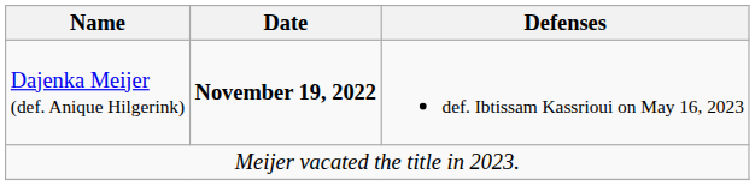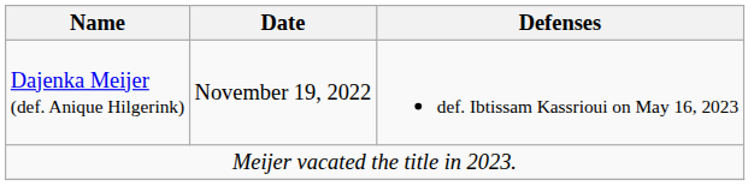 <table class="wikitable">
 <tr>
 <th>Name</th>
 <th>Date</th>
 <th>Defenses</th>
 </tr>
 <tr>
 <td align=left> <a href='#'>Dajenka Meijer</a> <br><small>(def. Anique Hilgerink)</small></td>
-<td align=center><strong>November 19, 2022</strong></td>
+<td align=center>November 19, 2022</td>
 <td><br><ul><li><small>def. Ibtissam Kassrioui on May 16, 2023 </small></li></ul></td>
 </tr>
 <tr>
 <td colspan=3 align=center><em>Meijer vacated the title in 2023.</em></td>
 </tr>
 <tr>
 </tr>
 </table>
